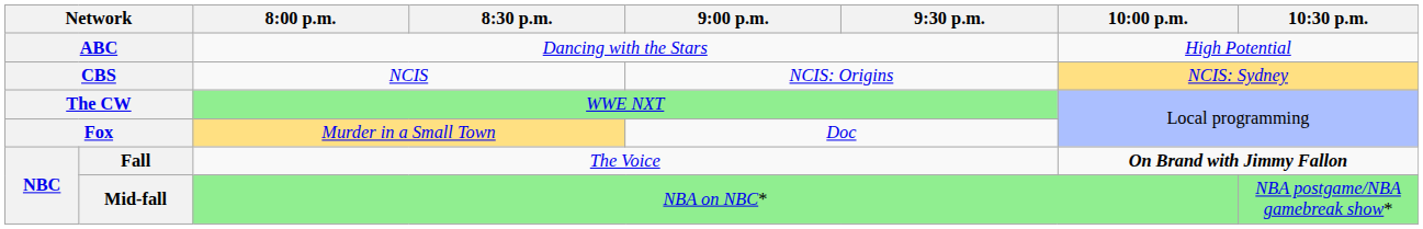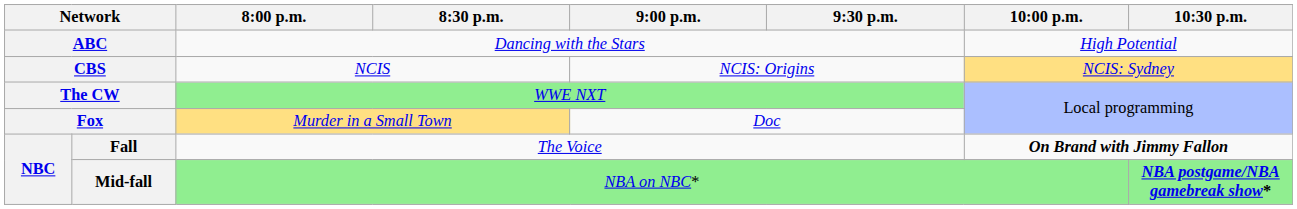 <table class="wikitable" style="width:100%;margin-right:0;text-align:center">
 <tr>
 <th colspan="2" style="width:13%;">Network</th>
 <th style="width:15%;">8:00 p.m.</th>
 <th style="width:15%;">8:30 p.m.</th>
 <th style="width:15%;">9:00 p.m.</th>
 <th style="width:15%;">9:30 p.m.</th>
 <th style="width:12.5%;">10:00 p.m.</th>
 <th style="width:12.5%;">10:30 p.m.</th>
 </tr>
 <tr>
 <th colspan="2"><a href='#'>ABC</a></th>
 <td colspan="4"><em><a href='#'>Dancing with the Stars</a></em></td>
 <td colspan="2"><em><a href='#'>High Potential</a></em></td>
 </tr>
 <tr>
 <th colspan="2"><a href='#'>CBS</a></th>
 <td colspan="2"><em><a href='#'>NCIS</a></em></td>
 <td colspan="2"><em><a href='#'>NCIS: Origins</a></em></td>
 <td colspan="2" style="background:#FFE082;"><em><a href='#'>NCIS: Sydney</a></em></td>
 </tr>
 <tr>
 <th colspan="2"><a href='#'>The CW</a></th>
 <td colspan="4" style="background:lightgreen;"><em><a href='#'>WWE NXT</a></em></td>
 <td rowspan="2" colspan="2" style="background:#abbfff;">Local programming</td>
 </tr>
 <tr>
 <th colspan="2"><a href='#'>Fox</a></th>
 <td colspan="2" style="background:#FFE082;"><em><a href='#'>Murder in a Small Town</a></em></td>
 <td colspan="2"><em><a href='#'>Doc</a></em></td>
 </tr>
 <tr>
 <th rowspan="2"><a href='#'>NBC</a></th>
 <th>Fall</th>
 <td colspan="4"><em><a href='#'>The Voice</a></em></td>
 <td colspan="2"><strong><em>On Brand with Jimmy Fallon</em></strong></td>
 </tr>
 <tr>
 <th>Mid-fall</th>
 <td colspan="5" style="background:lightgreen;"><em><a href='#'>NBA on NBC</a></em>*</td>
-<td style="background:lightgreen;"><em><a href='#'>NBA postgame/NBA gamebreak show</a></em>*</td>
+<td style="background:lightgreen;"><strong><em><a href='#'>NBA postgame/NBA gamebreak show</a></em>*</strong></td>
 </tr>
 </table>
